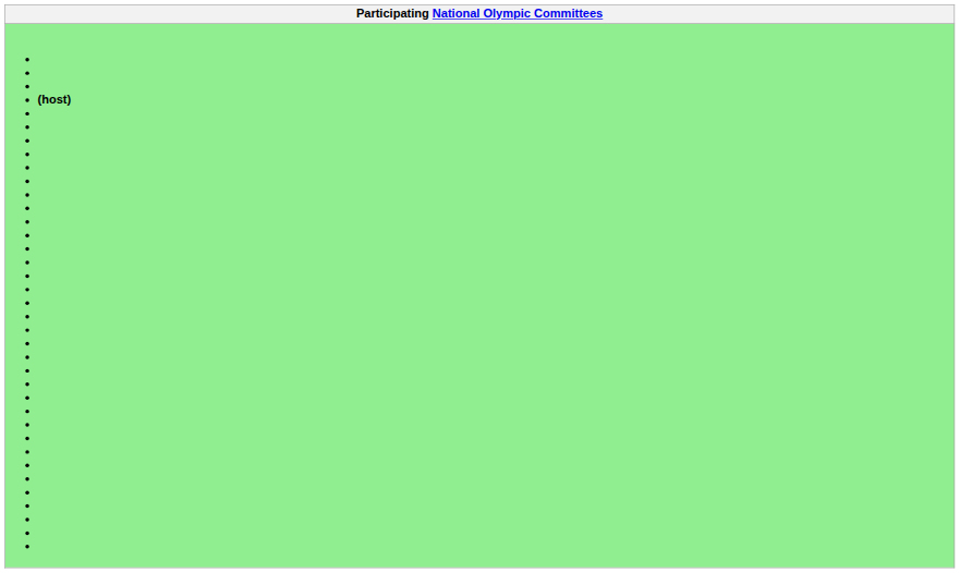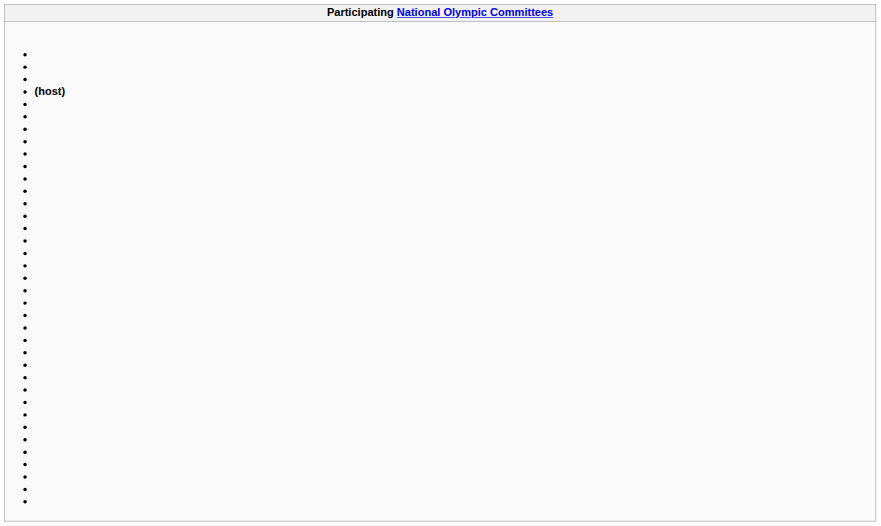 <table class="wikitable collapsible" style="width:100%;">
 <tr>
 <th>Participating <a href='#'>National Olympic Committees</a></th>
 </tr>
 <tr>
-<td style="background: lightgreen;"><br><ul><li></li><li></li><li></li><li> <strong>(host)</strong></li><li></li><li></li><li></li><li></li><li></li><li></li><li></li><li></li><li></li><li></li><li></li><li></li><li></li><li></li><li></li><li></li><li></li><li></li><li></li><li></li><li></li><li></li><li></li><li></li><li></li><li></li><li></li><li></li><li></li><li></li><li></li><li></li><li></li></ul></td>
+<td><br><ul><li></li><li></li><li></li><li> <strong>(host)</strong></li><li></li><li></li><li></li><li></li><li></li><li></li><li></li><li></li><li></li><li></li><li></li><li></li><li></li><li></li><li></li><li></li><li></li><li></li><li></li><li></li><li></li><li></li><li></li><li></li><li></li><li></li><li></li><li></li><li></li><li></li><li></li><li></li><li></li></ul></td>
 </tr>
 </table>
